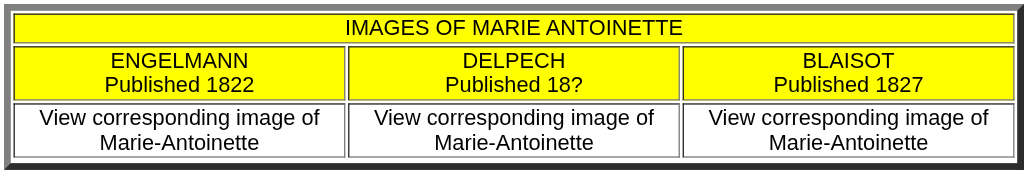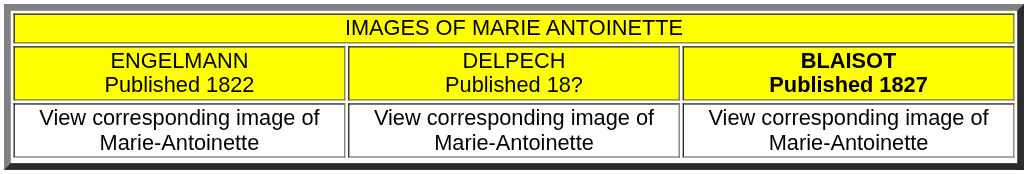 <table border="5" width="750" style="margin:1em auto; text-align:center;">
 <tr>
 <td colspan="3" style="background-color:yellow; color:black;">IMAGES OF MARIE ANTOINETTE</td>
 </tr>
 <tr style="background-color:yellow; color:black;">
 <td width="250">ENGELMANN<br>Published 1822</td>
 <td width="250">DELPECH<br>Published 18?</td>
-<td width="250">BLAISOT<br>Published 1827</td>
+<td width="250"><strong>BLAISOT<br>Published 1827</strong></td>
 </tr>
 <tr>
 <td>View corresponding image of <br>Marie-Antoinette</td>
 <td>View corresponding image of <br>Marie-Antoinette</td>
 <td>View corresponding image of <br>Marie-Antoinette</td>
 </tr>
 <tr>
 </tr>
 </table>
